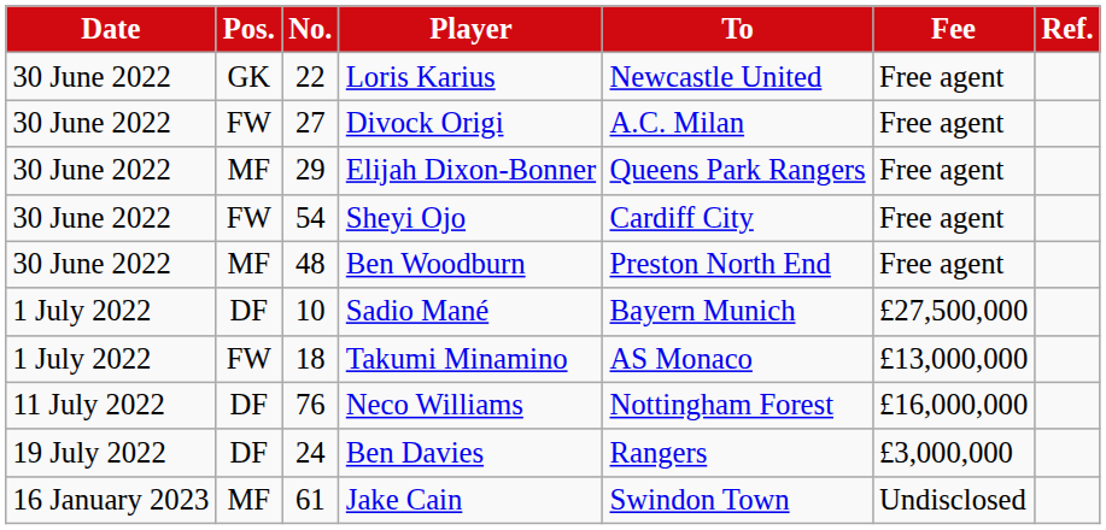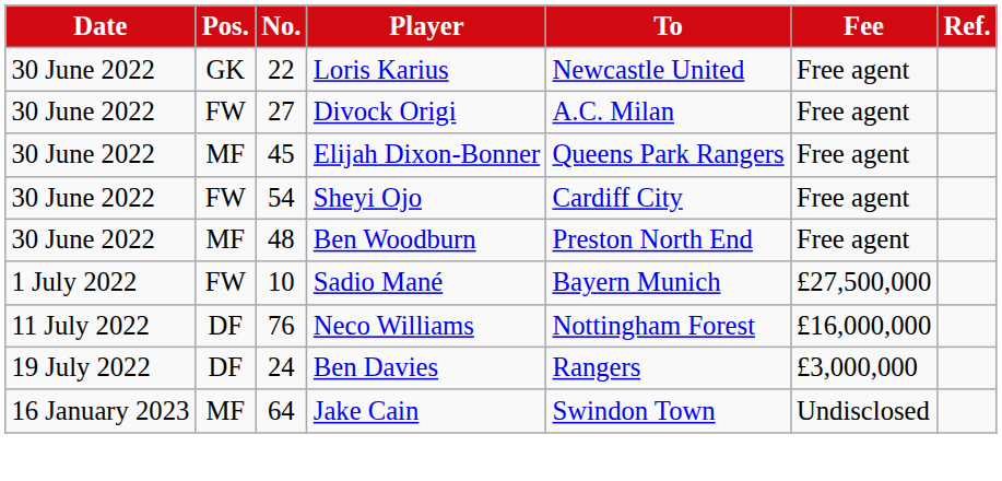 <table class="wikitable plainrowheaders sortable">
 <tr>
 <th style="background:#D10A11; color:#ffffff; ">Date</th>
 <th style="background:#D10A11; color:#ffffff; ">Pos.</th>
 <th style="background:#D10A11; color:#ffffff; ">No.</th>
 <th style="background:#D10A11; color:#ffffff; ">Player</th>
 <th style="background:#D10A11; color:#ffffff; ">To</th>
 <th style="background:#D10A11; color:#ffffff; ">Fee</th>
 <th style="background:#D10A11; color:#ffffff; ">Ref.</th>
 </tr>
 <tr>
 <td>30 June 2022</td>
 <td style="text-align:center;">GK</td>
 <td style="text-align:center;">22</td>
 <td style="text-align:left;"> <a href='#'>Loris Karius</a></td>
 <td style="text-align:left;"> <a href='#'>Newcastle United</a></td>
 <td> Free agent</td>
 <td></td>
 </tr>
 <tr>
 <td>30 June 2022</td>
 <td style="text-align:center;">FW</td>
 <td style="text-align:center;">27</td>
 <td style="text-align:left;"> <a href='#'>Divock Origi</a></td>
 <td style="text-align:left;"> <a href='#'>A.C. Milan</a></td>
 <td> Free agent</td>
 <td></td>
 </tr>
 <tr>
 <td>30 June 2022</td>
 <td style="text-align:center;">MF</td>
-<td style="text-align:center;">29</td>
+<td style="text-align:center;">45</td>
 <td style="text-align:left;"> <a href='#'>Elijah Dixon-Bonner</a></td>
 <td style="text-align:left;"> <a href='#'>Queens Park Rangers</a></td>
 <td> Free agent</td>
 <td></td>
 </tr>
 <tr>
 <td>30 June 2022</td>
 <td style="text-align:center;">FW</td>
 <td style="text-align:center;">54</td>
 <td style="text-align:left;"> <a href='#'>Sheyi Ojo</a></td>
 <td style="text-align:left;">  <a href='#'>Cardiff City</a></td>
 <td> Free agent</td>
 <td></td>
 </tr>
 <tr>
 <td>30 June 2022</td>
 <td style="text-align:center;">MF</td>
 <td style="text-align:center;">48</td>
 <td style="text-align:left;"> <a href='#'>Ben Woodburn</a></td>
 <td style="text-align:left;"> <a href='#'>Preston North End</a></td>
 <td> Free agent</td>
 <td></td>
 </tr>
 <tr>
 <td>1 July 2022</td>
-<td style="text-align:center;">DF</td>
+<td style="text-align:center;">FW</td>
 <td style="text-align:center;">10</td>
 <td style="text-align:left;"> <a href='#'>Sadio Mané</a></td>
 <td style="text-align:left;"> <a href='#'>Bayern Munich</a></td>
 <td> £27,500,000</td>
-<td></td>
-</tr>
-<tr>
-<td>1 July 2022</td>
-<td style="text-align:center;">FW</td>
-<td style="text-align:center;">18</td>
-<td style="text-align:left;"> <a href='#'>Takumi Minamino</a></td>
-<td style="text-align:left;"> <a href='#'>AS Monaco</a></td>
-<td> £13,000,000</td>
 <td></td>
 </tr>
 <tr>
 <td>11 July 2022</td>
 <td style="text-align:center;">DF</td>
 <td style="text-align:center;">76</td>
 <td style="text-align:left;"> <a href='#'>Neco Williams</a></td>
 <td style="text-align:left;"> <a href='#'>Nottingham Forest</a></td>
 <td> £16,000,000</td>
 <td></td>
 </tr>
 <tr>
 <td>19 July 2022</td>
 <td style="text-align:center;">DF</td>
 <td style="text-align:center;">24</td>
 <td style="text-align:left;"> <a href='#'>Ben Davies</a></td>
 <td style="text-align:left;"> <a href='#'>Rangers</a></td>
 <td> £3,000,000</td>
 <td></td>
 </tr>
 <tr>
 <td>16 January 2023</td>
 <td style="text-align:center;">MF</td>
-<td style="text-align:center;">61</td>
+<td style="text-align:center;">64</td>
 <td style="text-align:left;"> <a href='#'>Jake Cain</a></td>
 <td style="text-align:left;"> <a href='#'>Swindon Town</a></td>
 <td> Undisclosed</td>
 <td></td>
 </tr>
 </table>
